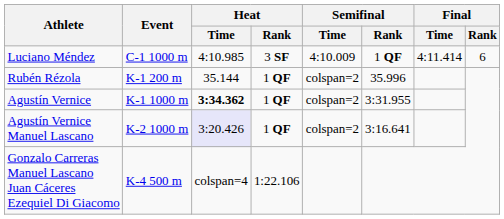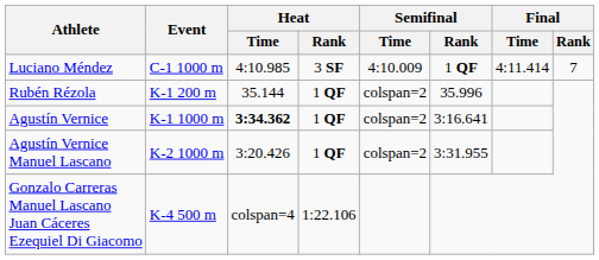 <table class="wikitable" style="font-size:90%;text-align:center">
 <tr>
 <th rowspan=2>Athlete</th>
 <th rowspan=2>Event</th>
 <th colspan=2>Heat</th>
 <th colspan=2>Semifinal</th>
 <th colspan=2>Final</th>
 </tr>
 <tr style=font-size:95%>
 <th>Time</th>
 <th>Rank</th>
 <th>Time</th>
 <th>Rank</th>
 <th>Time</th>
 <th>Rank</th>
 </tr>
 <tr>
 <td style="text-align:left"><a href='#'>Luciano Méndez</a></td>
 <td style="text-align:left"><a href='#'>C-1 1000 m</a></td>
 <td>4:10.985</td>
 <td>3 <strong>SF</strong></td>
 <td>4:10.009</td>
 <td>1 <strong>QF</strong></td>
 <td>4:11.414</td>
-<td>6</td>
+<td>7</td>
 </tr>
 <tr>
 <td style="text-align:left"><a href='#'>Rubén Rézola</a></td>
 <td style="text-align:left"><a href='#'>K-1 200 m</a></td>
 <td>35.144</td>
 <td>1 <strong>QF</strong></td>
 <td>colspan=2 </td>
 <td>35.996</td>
 <td></td>
 </tr>
 <tr>
 <td style="text-align:left"><a href='#'>Agustín Vernice</a></td>
 <td style="text-align:left"><a href='#'>K-1 1000 m</a></td>
 <td><strong>3:34.362</strong></td>
 <td>1 <strong>QF</strong></td>
 <td>colspan=2 </td>
-<td>3:31.955</td>
+<td>3:16.641</td>
 <td></td>
 </tr>
 <tr>
 <td style="text-align:left"><a href='#'>Agustín Vernice</a><br><a href='#'>Manuel Lascano</a></td>
 <td style="text-align:left"><a href='#'>K-2 1000 m</a></td>
-<td style="background: lavender;">3:20.426</td>
+<td>3:20.426</td>
 <td>1 <strong>QF</strong></td>
 <td>colspan=2 </td>
-<td>3:16.641</td>
+<td>3:31.955</td>
 <td></td>
 </tr>
 <tr>
 <td style="text-align:left"><a href='#'>Gonzalo Carreras</a><br><a href='#'>Manuel Lascano</a><br><a href='#'>Juan Cáceres</a><br><a href='#'>Ezequiel Di Giacomo</a></td>
 <td style="text-align:left"><a href='#'>K-4 500 m</a></td>
 <td>colspan=4 </td>
 <td>1:22.106</td>
 <td></td>
 </tr>
 </table>
